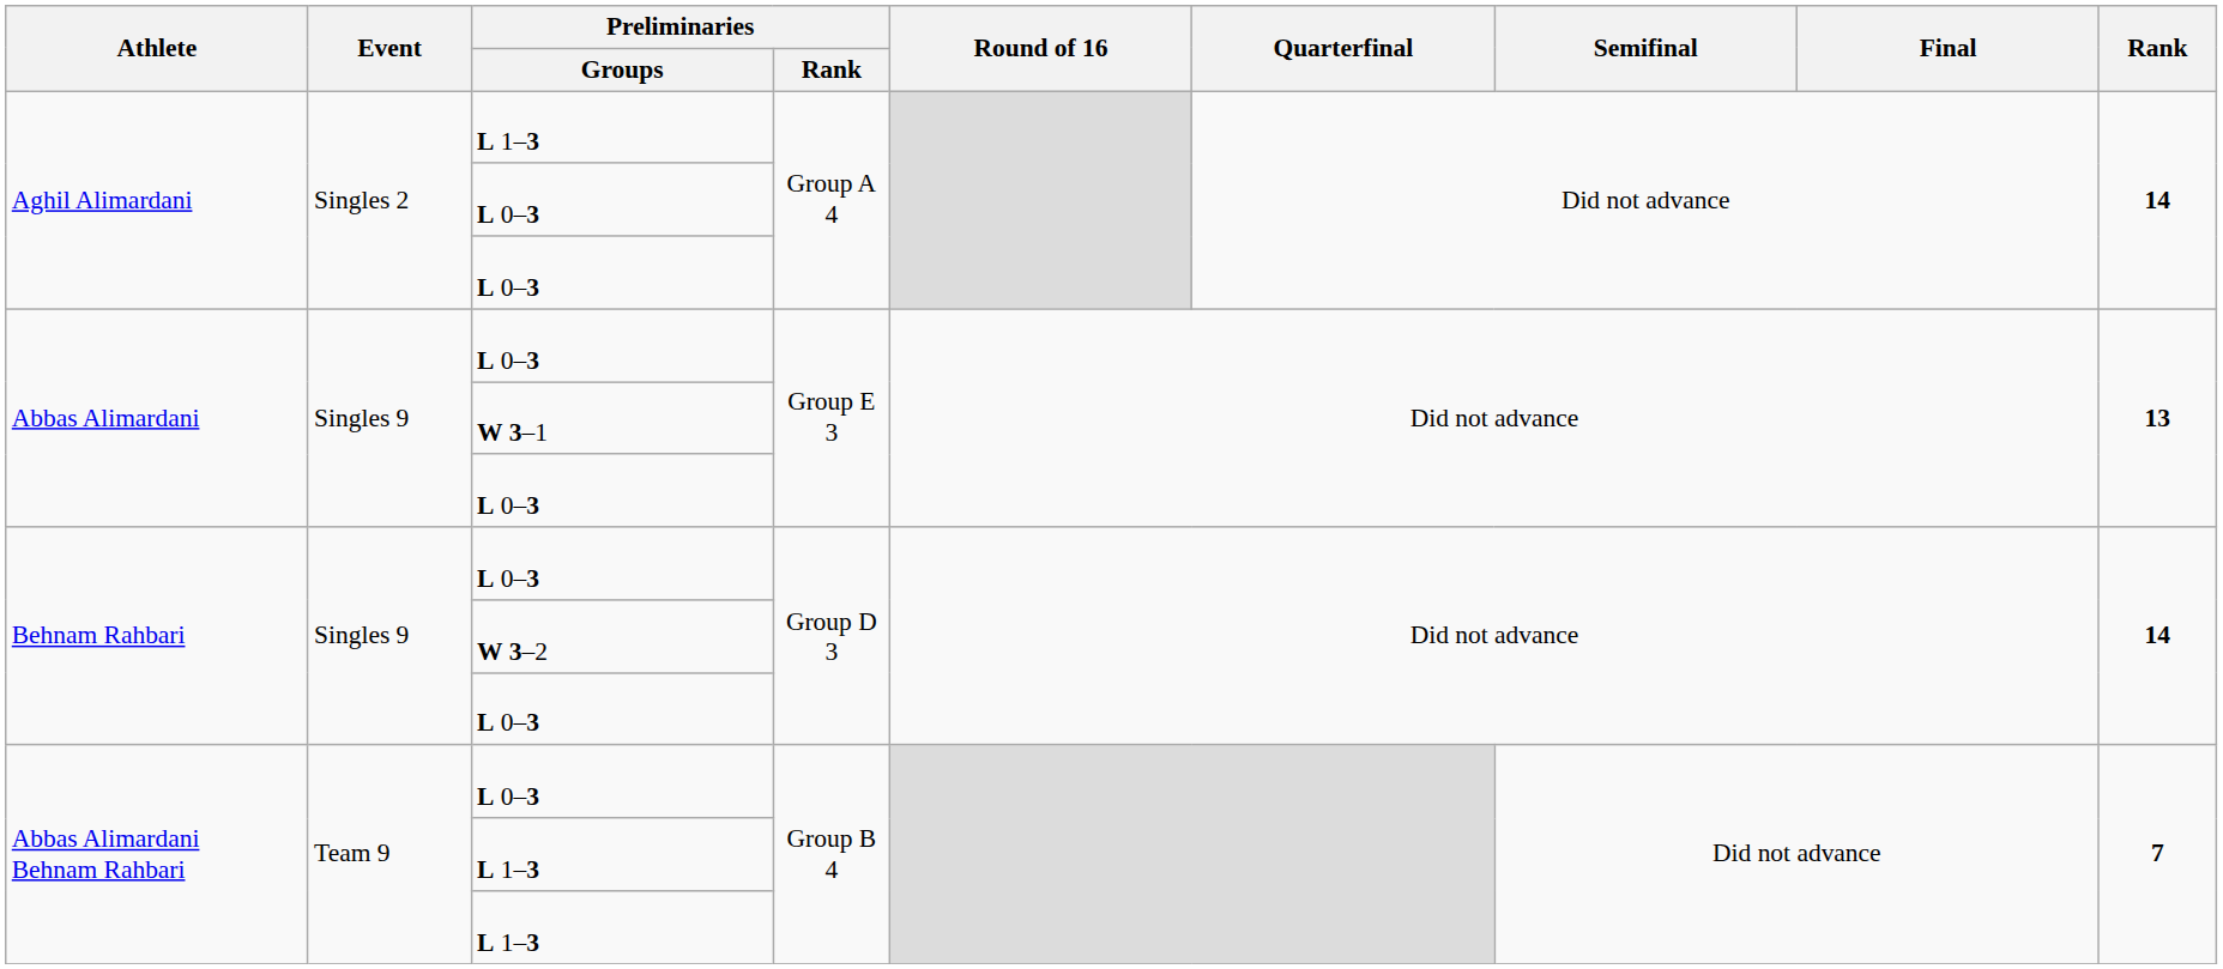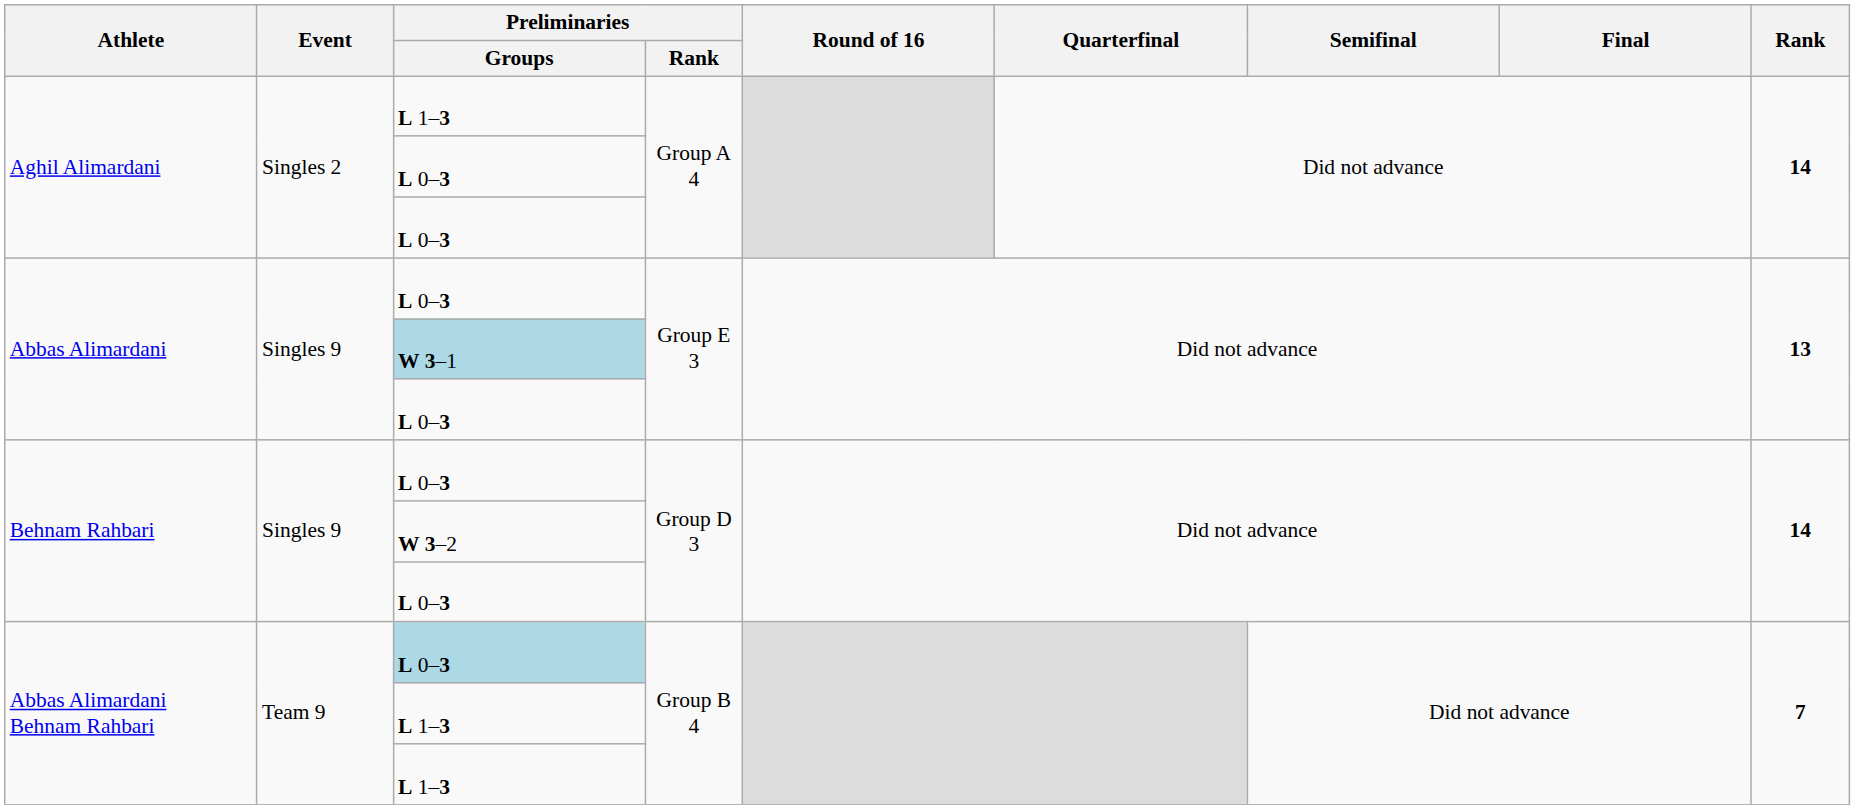 <table class="wikitable" width="98%" style="text-align:left; font-size:90%">
 <tr>
 <th rowspan="2" width="13%">Athlete</th>
 <th rowspan="2" width="7%">Event</th>
 <th colspan="2">Preliminaries</th>
 <th rowspan="2" width="13%">Round of 16</th>
 <th rowspan="2" width="13%">Quarterfinal</th>
 <th rowspan="2" width="13%">Semifinal</th>
 <th rowspan="2" width="13%">Final</th>
 <th rowspan="2" width="5%">Rank</th>
 </tr>
 <tr>
 <th width="13%">Groups</th>
 <th width="5%">Rank</th>
 </tr>
 <tr>
 <td rowspan="3"><a href='#'>Aghil Alimardani</a></td>
 <td rowspan="3">Singles 2</td>
 <td><br><strong>L</strong> 1–<strong>3</strong></td>
 <td rowspan="3" align=center>Group A<br>4</td>
 <td rowspan="3" bgcolor=#DCDCDC></td>
 <td colspan=3 rowspan="3" align=center>Did not advance</td>
 <td rowspan="3" align="center"><strong>14</strong></td>
 </tr>
 <tr>
 <td><br><strong>L</strong> 0–<strong>3</strong></td>
 </tr>
 <tr>
 <td><br><strong>L</strong> 0–<strong>3</strong></td>
 </tr>
 <tr>
 <td rowspan="3"><a href='#'>Abbas Alimardani</a></td>
 <td rowspan="3">Singles 9</td>
 <td><br><strong>L</strong> 0–<strong>3</strong></td>
 <td rowspan="3" align=center>Group E<br>3</td>
 <td colspan=4 rowspan="3" align=center>Did not advance</td>
 <td rowspan="3" align="center"><strong>13</strong></td>
 </tr>
 <tr>
-<td><br><strong>W</strong> <strong>3</strong>–1</td>
+<td style="background: lightblue;"><br><strong>W</strong> <strong>3</strong>–1</td>
 </tr>
 <tr>
 <td><br><strong>L</strong> 0–<strong>3</strong></td>
 </tr>
 <tr>
 <td rowspan="3"><a href='#'>Behnam Rahbari</a></td>
 <td rowspan="3">Singles 9</td>
 <td><br><strong>L</strong> 0–<strong>3</strong></td>
 <td rowspan="3" align=center>Group D<br>3</td>
 <td colspan=4 rowspan="3" align=center>Did not advance</td>
 <td rowspan="3" align="center"><strong>14</strong></td>
 </tr>
 <tr>
 <td><br><strong>W</strong> <strong>3</strong>–2</td>
 </tr>
 <tr>
 <td><br><strong>L</strong> 0–<strong>3</strong></td>
 </tr>
 <tr>
 <td rowspan="3"><a href='#'>Abbas Alimardani</a><br><a href='#'>Behnam Rahbari</a></td>
 <td rowspan="3">Team 9</td>
-<td><br><strong>L</strong> 0–<strong>3</strong></td>
+<td style="background: lightblue;"><br><strong>L</strong> 0–<strong>3</strong></td>
 <td rowspan="3" align=center>Group B<br>4</td>
 <td colspan=2 rowspan="3" bgcolor=#DCDCDC></td>
 <td colspan=2 rowspan="3" align=center>Did not advance</td>
 <td rowspan="3" align="center"><strong>7</strong></td>
 </tr>
 <tr>
 <td><br><strong>L</strong> 1–<strong>3</strong></td>
 </tr>
 <tr>
 <td><br><strong>L</strong> 1–<strong>3</strong></td>
 </tr>
 </table>
